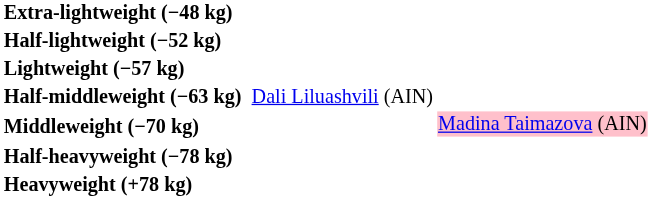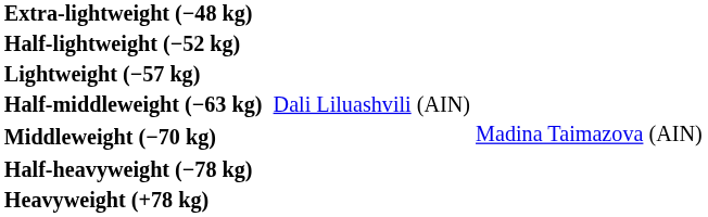 <table>
 <tr>
 <th rowspan=2 style="text-align:left;">Extra-lightweight (−48 kg)</th>
 <td rowspan=2></td>
 <td rowspan=2></td>
 <td></td>
 </tr>
 <tr>
 <td></td>
 </tr>
 <tr>
 <th rowspan=2 style="text-align:left;">Half-lightweight (−52 kg)</th>
 <td rowspan=2></td>
 <td rowspan=2></td>
 <td></td>
 </tr>
 <tr>
 <td></td>
 </tr>
 <tr>
 <th rowspan=2 style="text-align:left;">Lightweight (−57 kg)</th>
 <td rowspan=2></td>
 <td rowspan=2></td>
 <td></td>
 </tr>
 <tr>
 <td></td>
 </tr>
 <tr>
 <th rowspan=2 style="text-align:left;">Half-middleweight (−63 kg)</th>
 <td rowspan=2></td>
 <td rowspan=2> <a href='#'>Dali Liluashvili</a> <span>(<abbr>AIN</abbr>)</span></td>
 <td></td>
 </tr>
 <tr>
 <td></td>
 </tr>
 <tr>
 <th rowspan=2 style="text-align:left;">Middleweight (−70 kg)</th>
 <td rowspan=2></td>
 <td rowspan=2></td>
-<td style="background: pink;"> <a href='#'>Madina Taimazova</a> <span>(<abbr>AIN</abbr>)</span></td>
+<td> <a href='#'>Madina Taimazova</a> <span>(<abbr>AIN</abbr>)</span></td>
 </tr>
 <tr>
 <td></td>
 </tr>
 <tr>
 <th rowspan=2 style="text-align:left;">Half-heavyweight (−78 kg)</th>
 <td rowspan=2></td>
 <td rowspan=2></td>
 <td></td>
 </tr>
 <tr>
 <td></td>
 </tr>
 <tr>
 <th rowspan=2 style="text-align:left;">Heavyweight (+78 kg)</th>
 <td rowspan=2></td>
 <td rowspan=2></td>
 <td></td>
 </tr>
 <tr>
 <td></td>
 </tr>
 </table>
